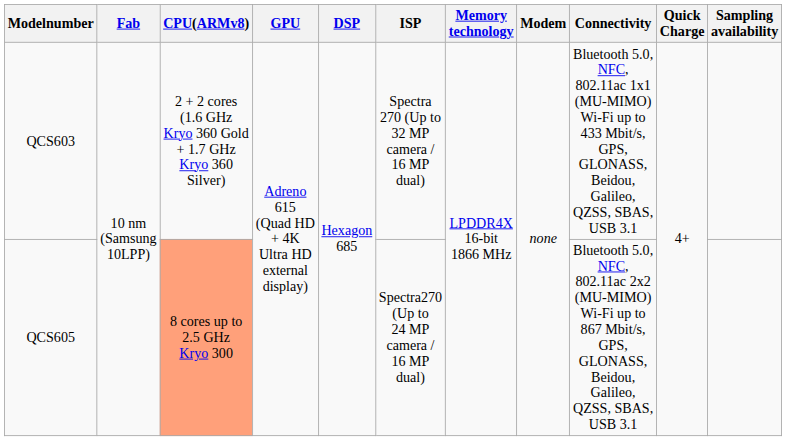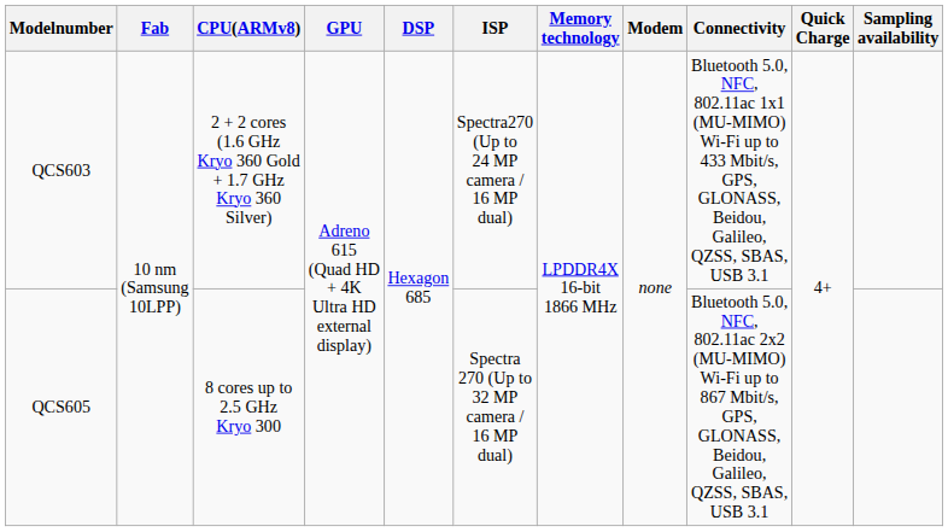 <table class="wikitable" style="width:100%; text-align:center">
 <tr>
 <th>Modelnumber</th>
 <th><a href='#'>Fab</a></th>
 <th><a href='#'>CPU</a>(<a href='#'>ARMv8</a>)</th>
 <th><a href='#'>GPU</a></th>
 <th><a href='#'>DSP</a></th>
 <th>ISP</th>
 <th><a href='#'>Memory<br>technology</a></th>
 <th>Modem</th>
 <th>Connectivity</th>
 <th>Quick<br>Charge</th>
 <th>Sampling<br>availability</th>
 </tr>
 <tr>
 <td>QCS603</td>
 <td rowspan="2">10 nm (Samsung 10LPP)</td>
 <td>2 + 2 cores (1.6 GHz <a href='#'>Kryo</a> 360 Gold + 1.7 GHz <a href='#'>Kryo</a> 360 Silver)</td>
 <td rowspan="2"><a href='#'>Adreno</a> 615 (Quad HD + 4K Ultra HD external display)</td>
 <td rowspan="2"><a href='#'>Hexagon</a> 685</td>
-<td>Spectra 270 (Up to 32 MP camera / 16 MP dual)</td>
+<td>Spectra270 (Up to 24 MP camera / 16 MP dual)</td>
 <td rowspan="2"><a href='#'>LPDDR4X</a> 16-bit 1866 MHz</td>
 <td rowspan="2"><em>none</em></td>
 <td>Bluetooth 5.0, <a href='#'>NFC</a>, 802.11ac 1x1 (MU-MIMO) Wi-Fi up to 433 Mbit/s, GPS, GLONASS, Beidou, Galileo, QZSS, SBAS, USB 3.1</td>
 <td rowspan="2">4+</td>
 <td></td>
 </tr>
 <tr>
 <td>QCS605</td>
-<td style="background: lightsalmon;">8 cores up to 2.5 GHz <a href='#'>Kryo</a> 300</td>
-<td>Spectra270 (Up to 24 MP camera / 16 MP dual)</td>
+<td>8 cores up to 2.5 GHz <a href='#'>Kryo</a> 300</td>
+<td>Spectra 270 (Up to 32 MP camera / 16 MP dual)</td>
 <td>Bluetooth 5.0, <a href='#'>NFC</a>, 802.11ac 2x2 (MU-MIMO) Wi-Fi up to 867 Mbit/s, GPS, GLONASS, Beidou, Galileo, QZSS, SBAS, USB 3.1</td>
 <td></td>
 </tr>
 </table>
